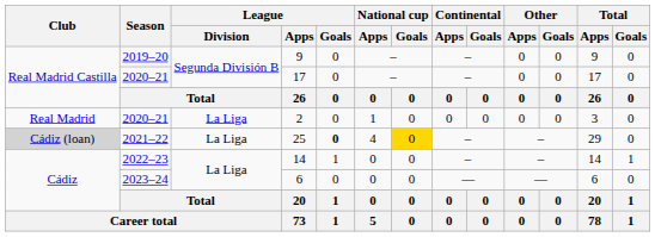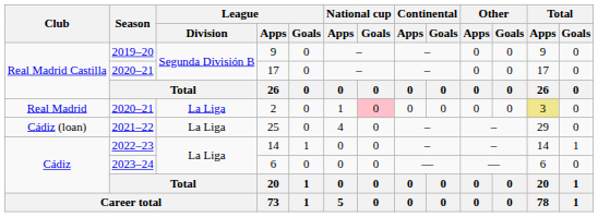 <table class="wikitable" style="text-align:center">
 <tr>
 <th rowspan="2">Club</th>
 <th rowspan="2">Season</th>
 <th colspan="3">League</th>
 <th colspan="2">National cup</th>
 <th colspan="2">Continental</th>
 <th colspan="2">Other</th>
 <th colspan="2">Total</th>
 </tr>
 <tr>
 <th>Division</th>
 <th>Apps</th>
 <th>Goals</th>
 <th>Apps</th>
 <th>Goals</th>
 <th>Apps</th>
 <th>Goals</th>
 <th>Apps</th>
 <th>Goals</th>
 <th>Apps</th>
 <th>Goals</th>
 </tr>
 <tr>
 <td rowspan="3"><a href='#'>Real Madrid Castilla</a></td>
 <td><a href='#'>2019–20</a></td>
 <td rowspan="2"><a href='#'>Segunda División B</a></td>
 <td>9</td>
 <td>0</td>
 <td colspan="2">–</td>
 <td colspan="2">–</td>
 <td>0</td>
 <td>0</td>
 <td>9</td>
 <td>0</td>
 </tr>
 <tr>
 <td><a href='#'>2020–21</a></td>
 <td>17</td>
 <td>0</td>
 <td colspan="2">–</td>
 <td colspan="2">–</td>
 <td>0</td>
 <td>0</td>
 <td>17</td>
 <td>0</td>
 </tr>
 <tr>
 <th colspan="2">Total</th>
 <th>26</th>
 <th>0</th>
 <th>0</th>
 <th>0</th>
 <th>0</th>
 <th>0</th>
 <th>0</th>
 <th>0</th>
 <th>26</th>
 <th>0</th>
 </tr>
 <tr>
 <td><a href='#'>Real Madrid</a></td>
 <td><a href='#'>2020–21</a></td>
 <td><a href='#'>La Liga</a></td>
 <td>2</td>
 <td>0</td>
 <td>1</td>
+<td style="background: pink;">0</td>
 <td>0</td>
 <td>0</td>
 <td>0</td>
 <td>0</td>
-<td>0</td>
-<td>3</td>
+<td style="background: khaki;">3</td>
 <td>0</td>
 </tr>
 <tr>
-<td style="background: lightgrey;"><a href='#'>Cádiz</a> (loan)</td>
+<td><a href='#'>Cádiz</a> (loan)</td>
 <td><a href='#'>2021–22</a></td>
 <td>La Liga</td>
 <td>25</td>
-<td><strong>0</strong></td>
+<td>0</td>
 <td>4</td>
-<td style="background: gold;">0</td>
+<td>0</td>
 <td colspan="2">–</td>
 <td colspan="2">–</td>
 <td>29</td>
 <td>0</td>
 </tr>
 <tr>
 <td rowspan="3"><a href='#'>Cádiz</a></td>
 <td><a href='#'>2022–23</a></td>
 <td rowspan="2">La Liga</td>
 <td>14</td>
 <td>1</td>
 <td>0</td>
 <td>0</td>
 <td colspan="2">–</td>
 <td colspan="2">–</td>
 <td>14</td>
 <td>1</td>
 </tr>
 <tr>
 <td><a href='#'>2023–24</a></td>
 <td>6</td>
 <td>0</td>
 <td>0</td>
 <td>0</td>
 <td colspan="2">—</td>
 <td colspan="2">—</td>
 <td>6</td>
 <td>0</td>
 </tr>
 <tr>
 <th colspan="2">Total</th>
 <th>20</th>
 <th>1</th>
 <th>0</th>
 <th>0</th>
 <th>0</th>
 <th>0</th>
 <th>0</th>
 <th>0</th>
 <th>20</th>
 <th>1</th>
 </tr>
 <tr>
 <th colspan="3">Career total</th>
 <th>73</th>
 <th>1</th>
 <th>5</th>
 <th>0</th>
 <th>0</th>
 <th>0</th>
 <th>0</th>
 <th>0</th>
 <th>78</th>
 <th>1</th>
 </tr>
 </table>
